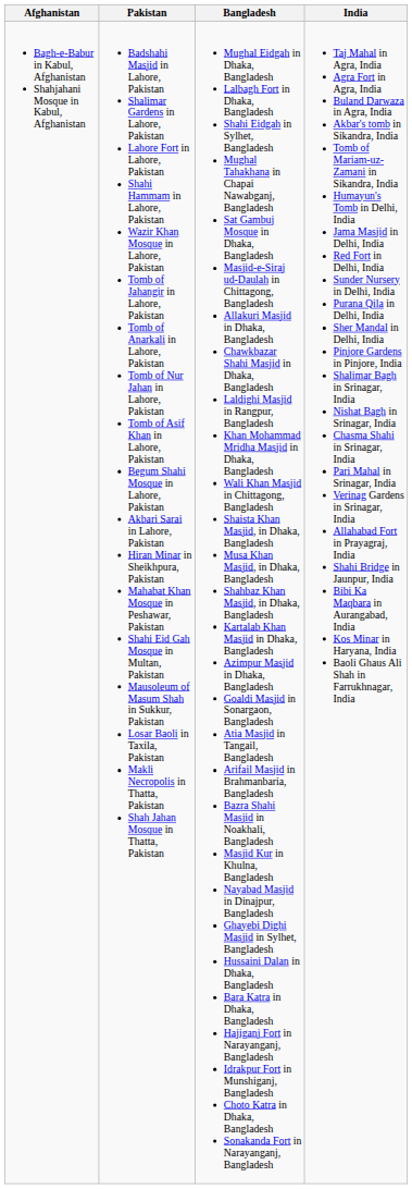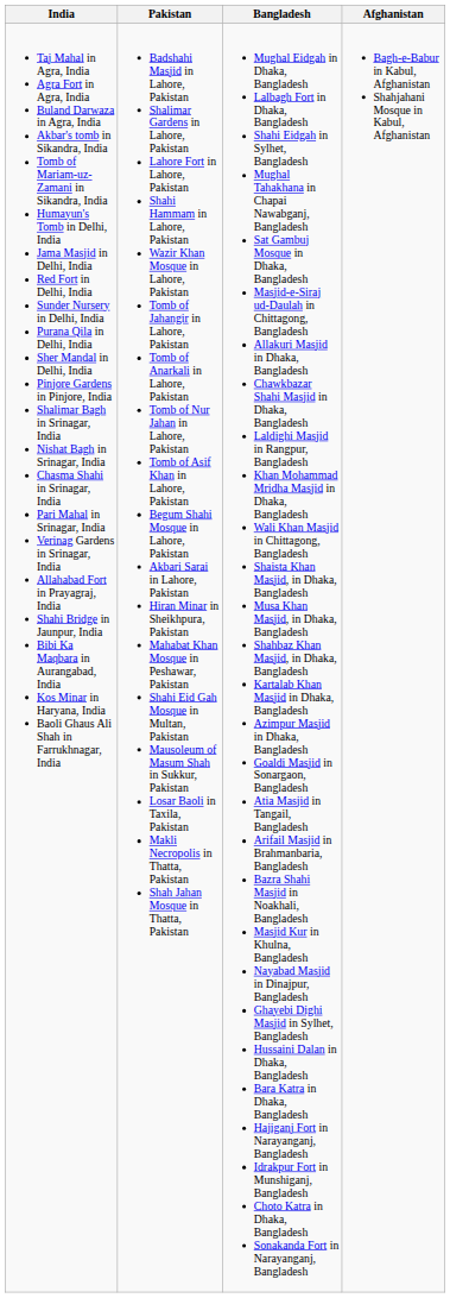 <table class="wikitable">
 <tr>
-<th>Afghanistan</th>
+<th>India</th>
 <th>Pakistan</th>
 <th>Bangladesh</th>
-<th>India</th>
+<th>Afghanistan</th>
 </tr>
 <tr>
-<td valign=top><br><ul><li><a href='#'>Bagh-e-Babur</a> in Kabul, Afghanistan</li><li>Shahjahani Mosque in Kabul, Afghanistan</li></ul></td>
+<td valign=top><br><ul><li><a href='#'>Taj Mahal</a> in Agra, India</li><li><a href='#'>Agra Fort</a> in Agra, India</li><li><a href='#'>Buland Darwaza</a> in Agra, India</li><li><a href='#'>Akbar's tomb</a> in Sikandra, India</li><li><a href='#'>Tomb of Mariam-uz-Zamani</a> in Sikandra, India</li><li><a href='#'>Humayun's Tomb</a> in Delhi, India</li><li><a href='#'>Jama Masjid</a> in Delhi, India</li><li><a href='#'>Red Fort</a> in Delhi, India</li><li><a href='#'>Sunder Nursery</a> in Delhi, India</li><li><a href='#'>Purana Qila</a> in Delhi, India</li><li><a href='#'>Sher Mandal</a> in Delhi, India</li><li><a href='#'>Pinjore Gardens</a> in Pinjore, India</li><li><a href='#'>Shalimar Bagh</a> in Srinagar, India</li><li><a href='#'>Nishat Bagh</a> in Srinagar, India</li><li><a href='#'>Chasma Shahi</a> in Srinagar, India</li><li><a href='#'>Pari Mahal</a> in Srinagar, India</li><li><a href='#'>Verinag</a> Gardens in Srinagar, India</li><li><a href='#'>Allahabad Fort</a> in Prayagraj, India</li><li><a href='#'>Shahi Bridge</a> in Jaunpur, India</li><li><a href='#'>Bibi Ka Maqbara</a> in Aurangabad, India</li><li><a href='#'>Kos Minar</a> in Haryana, India</li><li>Baoli Ghaus Ali Shah in Farrukhnagar, India</li></ul></td>
 <td valign=top><br><ul><li><a href='#'>Badshahi Masjid</a> in Lahore, Pakistan</li><li><a href='#'>Shalimar Gardens</a> in Lahore, Pakistan</li><li><a href='#'>Lahore Fort</a> in Lahore, Pakistan</li><li><a href='#'>Shahi Hammam</a> in Lahore, Pakistan</li><li><a href='#'>Wazir Khan Mosque</a> in Lahore, Pakistan</li><li><a href='#'>Tomb of Jahangir</a> in Lahore, Pakistan</li><li><a href='#'>Tomb of Anarkali</a> in Lahore, Pakistan</li><li><a href='#'>Tomb of Nur Jahan</a> in Lahore, Pakistan</li><li><a href='#'>Tomb of Asif Khan</a> in Lahore, Pakistan</li><li><a href='#'>Begum Shahi Mosque</a> in Lahore, Pakistan</li><li><a href='#'>Akbari Sarai</a> in Lahore, Pakistan</li><li><a href='#'>Hiran Minar</a> in Sheikhpura, Pakistan</li><li><a href='#'>Mahabat Khan Mosque</a> in Peshawar, Pakistan</li><li><a href='#'>Shahi Eid Gah Mosque</a> in Multan, Pakistan</li><li><a href='#'>Mausoleum of Masum Shah</a> in Sukkur, Pakistan</li><li><a href='#'>Losar Baoli</a> in Taxila, Pakistan</li><li><a href='#'>Makli Necropolis</a> in Thatta, Pakistan</li><li><a href='#'>Shah Jahan Mosque</a> in Thatta, Pakistan</li></ul></td>
 <td valign=top><br><ul><li><a href='#'>Mughal Eidgah</a> in Dhaka, Bangladesh</li><li><a href='#'>Lalbagh Fort</a> in Dhaka, Bangladesh</li><li><a href='#'>Shahi Eidgah</a> in Sylhet, Bangladesh</li><li><a href='#'>Mughal Tahakhana</a> in Chapai Nawabganj, Bangladesh</li><li><a href='#'>Sat Gambuj Mosque</a> in Dhaka, Bangladesh</li><li><a href='#'>Masjid-e-Siraj ud-Daulah</a> in Chittagong, Bangladesh</li><li><a href='#'>Allakuri Masjid</a> in Dhaka, Bangladesh</li><li><a href='#'>Chawkbazar Shahi Masjid</a> in Dhaka, Bangladesh</li><li><a href='#'>Laldighi Masjid</a> in Rangpur, Bangladesh</li><li><a href='#'>Khan Mohammad Mridha Masjid</a> in Dhaka, Bangladesh</li><li><a href='#'>Wali Khan Masjid</a> in Chittagong, Bangladesh</li><li><a href='#'>Shaista Khan Masjid</a>, in Dhaka, Bangladesh</li><li><a href='#'>Musa Khan Masjid</a>, in Dhaka, Bangladesh</li><li><a href='#'>Shahbaz Khan Masjid</a>, in Dhaka, Bangladesh</li><li><a href='#'>Kartalab Khan Masjid</a> in Dhaka, Bangladesh</li><li><a href='#'>Azimpur Masjid</a> in Dhaka, Bangladesh</li><li><a href='#'>Goaldi Masjid</a> in Sonargaon, Bangladesh</li><li><a href='#'>Atia Masjid</a> in Tangail, Bangladesh</li><li><a href='#'>Arifail Masjid</a> in Brahmanbaria, Bangladesh</li><li><a href='#'>Bazra Shahi Masjid</a> in Noakhali, Bangladesh</li><li><a href='#'>Masjid Kur</a> in Khulna, Bangladesh</li><li><a href='#'>Nayabad Masjid</a> in Dinajpur, Bangladesh</li><li><a href='#'>Ghayebi Dighi Masjid</a> in Sylhet, Bangladesh</li><li><a href='#'>Hussaini Dalan</a> in Dhaka, Bangladesh</li><li><a href='#'>Bara Katra</a> in Dhaka, Bangladesh</li><li><a href='#'>Hajiganj Fort</a> in Narayanganj, Bangladesh</li><li><a href='#'>Idrakpur Fort</a> in Munshiganj, Bangladesh</li><li><a href='#'>Choto Katra</a> in Dhaka, Bangladesh</li><li><a href='#'>Sonakanda Fort</a> in Narayanganj, Bangladesh</li></ul></td>
-<td valign=top><br><ul><li><a href='#'>Taj Mahal</a> in Agra, India</li><li><a href='#'>Agra Fort</a> in Agra, India</li><li><a href='#'>Buland Darwaza</a> in Agra, India</li><li><a href='#'>Akbar's tomb</a> in Sikandra, India</li><li><a href='#'>Tomb of Mariam-uz-Zamani</a> in Sikandra, India</li><li><a href='#'>Humayun's Tomb</a> in Delhi, India</li><li><a href='#'>Jama Masjid</a> in Delhi, India</li><li><a href='#'>Red Fort</a> in Delhi, India</li><li><a href='#'>Sunder Nursery</a> in Delhi, India</li><li><a href='#'>Purana Qila</a> in Delhi, India</li><li><a href='#'>Sher Mandal</a> in Delhi, India</li><li><a href='#'>Pinjore Gardens</a> in Pinjore, India</li><li><a href='#'>Shalimar Bagh</a> in Srinagar, India</li><li><a href='#'>Nishat Bagh</a> in Srinagar, India</li><li><a href='#'>Chasma Shahi</a> in Srinagar, India</li><li><a href='#'>Pari Mahal</a> in Srinagar, India</li><li><a href='#'>Verinag</a> Gardens in Srinagar, India</li><li><a href='#'>Allahabad Fort</a> in Prayagraj, India</li><li><a href='#'>Shahi Bridge</a> in Jaunpur, India</li><li><a href='#'>Bibi Ka Maqbara</a> in Aurangabad, India</li><li><a href='#'>Kos Minar</a> in Haryana, India</li><li>Baoli Ghaus Ali Shah in Farrukhnagar, India</li></ul></td>
+<td valign=top><br><ul><li><a href='#'>Bagh-e-Babur</a> in Kabul, Afghanistan</li><li>Shahjahani Mosque in Kabul, Afghanistan</li></ul></td>
 </tr>
 </table>
